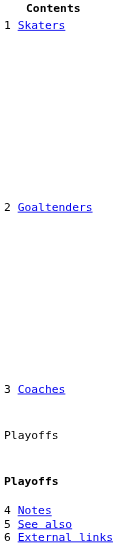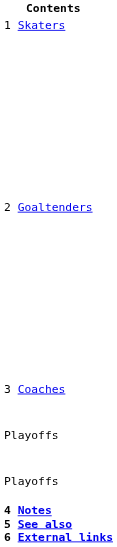 <table id="toc" class="toc">
 <tr>
 <td style="text-align: center; padding-top: 1em;"><div><strong>Contents</strong></div></td>
 </tr>
 <tr>
 <td style="padding-left: 1em;">1 <a href='#'>Skaters</a></td>
 </tr>
 <tr>
 <td style="padding-left: 1em;"><br></td>
 </tr>
 <tr>
 <td style="padding-left: 1em;"><br></td>
 </tr>
 <tr>
 <td style="padding-right: 1em;"><br> </td>
 </tr>
 <tr>
 <td style="padding-left: 1em;"><br></td>
 </tr>
 <tr>
 <td style="padding-right: 1em;"><br> </td>
 </tr>
 <tr>
 <td style="padding-left: 1em;"><br></td>
 </tr>
 <tr>
 <td style="padding-left: 1em;"><br></td>
 </tr>
 <tr>
 <td style="padding-right: 1em;"><br> </td>
 </tr>
 <tr>
 <td style="padding-left: 1em;"><br></td>
 </tr>
 <tr>
 <td style="padding-right: 1em;"><br> </td>
 </tr>
 <tr>
 <td style="padding-left: 1em;">2 <a href='#'>Goaltenders</a></td>
 </tr>
 <tr>
 <td style="padding-left: 1em;"><br></td>
 </tr>
 <tr>
 <td style="padding-left: 1em;"><br></td>
 </tr>
 <tr>
 <td style="padding-right: 1em;"><br> </td>
 </tr>
 <tr>
 <td style="padding-left: 1em;"><br></td>
 </tr>
 <tr>
 <td style="padding-right: 1em;"><br> </td>
 </tr>
 <tr>
 <td style="padding-left: 1em;"><br></td>
 </tr>
 <tr>
 <td style="padding-left: 1em;"><br></td>
 </tr>
 <tr>
 <td style="padding-right: 1em;"><br> </td>
 </tr>
 <tr>
 <td style="padding-left: 1em;"><br></td>
 </tr>
 <tr>
 <td style="padding-right: 1em;"><br> </td>
 </tr>
 <tr>
 <td style="padding-left: 1em;">3 <a href='#'>Coaches</a></td>
 </tr>
 <tr>
 <td style="padding-left: 1em;"><br></td>
 </tr>
 <tr>
 <td style="padding-left: 1em;"><br>  Playoffs</td>
 </tr>
 <tr>
 <td style="padding-left: 1em;"><br></td>
 </tr>
 <tr>
-<td style="padding-left: 1em;"><strong><br>  Playoffs</strong></td>
+<td style="padding-left: 1em;"><br>  Playoffs</td>
 </tr>
 <tr>
-<td style="padding-left: 1em;"><br>4 <a href='#'>Notes</a><br> 5 <a href='#'>See also</a><br> 6 <a href='#'>External links</a></td>
+<td style="padding-left: 1em;"><strong><br>4 <a href='#'>Notes</a><br> 5 <a href='#'>See also</a><br> 6 <a href='#'>External links</a></strong></td>
 </tr>
 </table>
